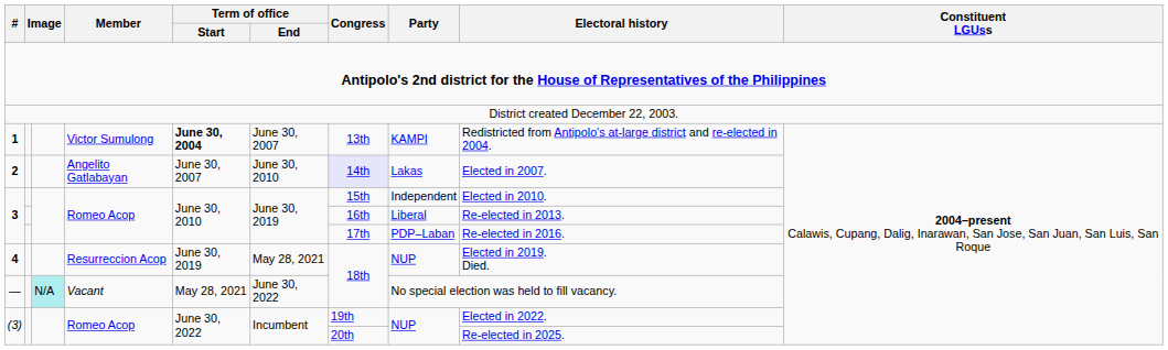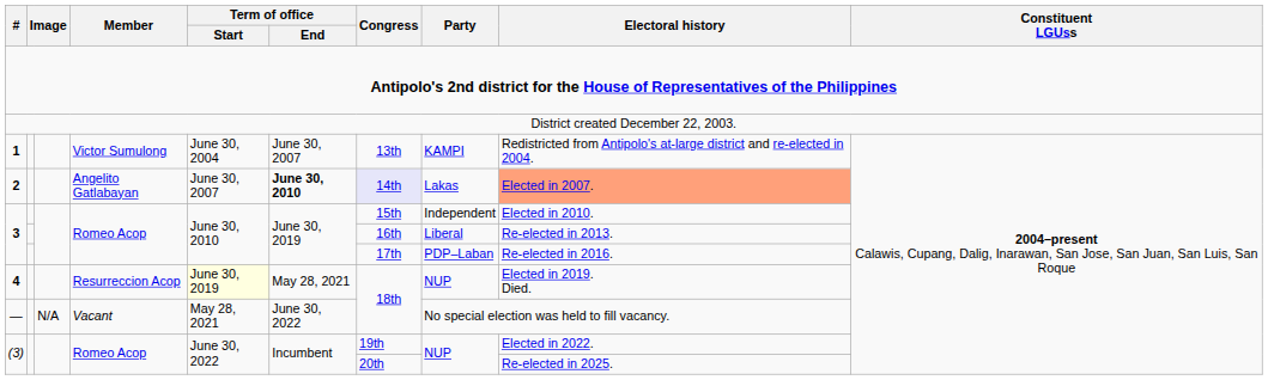 <table class=wikitable>
 <tr>
 <th rowspan="2">#</th>
 <th rowspan="2" colspan=2>Image</th>
 <th rowspan="2">Member</th>
 <th colspan=2>Term of office</th>
 <th rowspan="2">Congress</th>
 <th rowspan="2">Party</th>
 <th rowspan="2">Electoral history</th>
 <th rowspan="2">Constituent<br><a href='#'>LGUs</a>s</th>
 </tr>
 <tr>
 <th>Start</th>
 <th>End</th>
 </tr>
 <tr>
 <td colspan="10" style="text-align:center;"><br><h3>Antipolo's 2nd district for the <a href='#'>House of Representatives of the Philippines</a></h3></td>
 </tr>
 <tr>
 <td colspan="10" style="text-align:center;">District created December 22, 2003.</td>
 </tr>
 <tr>
 <td style="text-align:center;"><strong>1</strong></td>
 <td style="color:inherit;background:"></td>
 <td></td>
 <td><a href='#'>Victor Sumulong</a></td>
-<td><strong>June 30, 2004</strong></td>
+<td>June 30, 2004</td>
 <td>June 30, 2007</td>
 <td style="text-align:center;"><a href='#'>13th</a></td>
 <td><a href='#'>KAMPI</a></td>
 <td>Redistricted from <a href='#'>Antipolo's at-large district</a> and <a href='#'>re-elected in 2004</a>.</td>
 <td rowspan="9" style="text-align:center;"><strong>2004–present</strong><br>Calawis, Cupang, Dalig, Inarawan, San Jose, San Juan, San Luis, San Roque</td>
 </tr>
 <tr>
 <td style="text-align:center;"><strong>2</strong></td>
 <td style="color:inherit;background:"></td>
 <td></td>
 <td><a href='#'>Angelito Gatlabayan</a></td>
 <td>June 30, 2007</td>
-<td>June 30, 2010</td>
+<td><strong>June 30, 2010</strong></td>
 <td style="background: lavender; text-align:center;"><a href='#'>14th</a></td>
 <td><a href='#'>Lakas</a></td>
-<td><a href='#'>Elected in 2007</a>.</td>
+<td style="background: lightsalmon;"><a href='#'>Elected in 2007</a>.</td>
 </tr>
 <tr>
 <td rowspan="3" style="text-align:center;"><strong>3</strong></td>
 <td style="color:inherit;background:"></td>
 <td rowspan="3"></td>
 <td rowspan="3"><a href='#'>Romeo Acop</a></td>
 <td rowspan="3">June 30, 2010</td>
 <td rowspan="3">June 30, 2019</td>
 <td style="text-align:center;"><a href='#'>15th</a></td>
 <td>Independent</td>
 <td><a href='#'>Elected in 2010</a>.</td>
 </tr>
 <tr>
 <td style="color:inherit;background:"></td>
 <td style="text-align:center;"><a href='#'>16th</a></td>
 <td><a href='#'>Liberal</a></td>
 <td><a href='#'>Re-elected in 2013</a>.</td>
 </tr>
 <tr>
 <td style="color:inherit;background:"></td>
 <td style="text-align:center;"><a href='#'>17th</a></td>
 <td><a href='#'>PDP–Laban</a></td>
 <td><a href='#'>Re-elected in 2016</a>.</td>
 </tr>
 <tr>
 <td style="text-align:center;"><strong>4</strong></td>
 <td style="color:inherit;background:"></td>
 <td></td>
 <td><a href='#'>Resurreccion Acop</a></td>
-<td>June 30, 2019</td>
+<td style="background: lightyellow;">June 30, 2019</td>
 <td>May 28, 2021</td>
 <td rowspan="2" style="text-align:center;"><a href='#'>18th</a></td>
 <td><a href='#'>NUP</a></td>
 <td><a href='#'>Elected in 2019</a>.<br>Died.</td>
 </tr>
 <tr>
 <td style="text-align:center;">—</td>
 <td></td>
-<td style="background: paleturquoise;">N/A</td>
+<td>N/A</td>
 <td><em>Vacant</em></td>
 <td>May 28, 2021</td>
 <td>June 30, 2022</td>
 <td colspan="2">No special election was held to fill vacancy.</td>
 </tr>
 <tr>
 <td rowspan="2"><em>(3)</em></td>
 <td rowspan="2" style="color:inherit;background:"></td>
 <td rowspan="2"></td>
 <td rowspan="2"><a href='#'>Romeo Acop</a></td>
 <td rowspan="2">June 30, 2022</td>
 <td rowspan="2">Incumbent</td>
 <td><a href='#'>19th</a></td>
 <td rowspan="2"><a href='#'>NUP</a></td>
 <td><a href='#'>Elected in 2022</a>.</td>
 </tr>
 <tr>
 <td><a href='#'>20th</a></td>
 <td><a href='#'>Re-elected in 2025</a>.</td>
 </tr>
 </table>
